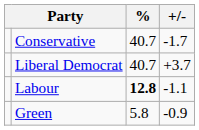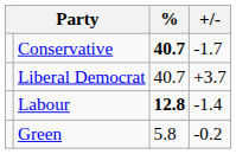 <table class="wikitable">
 <tr>
 <th colspan="2">Party</th>
 <th>%</th>
 <th>+/-</th>
 </tr>
 <tr>
 <td style="background-color: "></td>
 <td><a href='#'>Conservative</a></td>
-<td>40.7</td>
+<td><strong>40.7</strong></td>
 <td><span>-1.7</span></td>
 </tr>
 <tr>
 <td style="background-color: "></td>
 <td><a href='#'>Liberal Democrat</a></td>
 <td>40.7</td>
 <td><span>+3.7</span></td>
 </tr>
 <tr>
 <td style="background-color: "></td>
 <td><a href='#'>Labour</a></td>
 <td><strong>12.8</strong></td>
-<td><span>-1.1</span></td>
+<td><span>-1.4</span></td>
 </tr>
 <tr>
 <td style="background-color: "></td>
 <td><a href='#'>Green</a></td>
 <td>5.8</td>
-<td><span>-0.9</span></td>
+<td><span>-0.2</span></td>
 </tr>
 </table>
